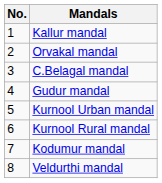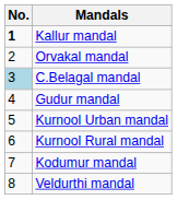 <table class="wikitable">
 <tr>
 <th>No.</th>
 <th>Mandals</th>
 </tr>
 <tr>
-<td>1</td>
+<td><strong>1</strong></td>
 <td><a href='#'>Kallur mandal</a></td>
 </tr>
 <tr>
 <td>2</td>
 <td><a href='#'>Orvakal mandal</a></td>
 </tr>
 <tr>
-<td>3</td>
+<td style="background: lightblue;">3</td>
 <td><a href='#'>C.Belagal mandal</a></td>
 </tr>
 <tr>
 <td>4</td>
 <td><a href='#'>Gudur mandal</a></td>
 </tr>
 <tr>
 <td>5</td>
 <td><a href='#'>Kurnool Urban mandal</a></td>
 </tr>
 <tr>
 <td>6</td>
 <td><a href='#'>Kurnool Rural mandal</a></td>
 </tr>
 <tr>
 <td>7</td>
 <td><a href='#'>Kodumur mandal</a></td>
 </tr>
 <tr>
 <td>8</td>
 <td><a href='#'>Veldurthi mandal</a></td>
 </tr>
 </table>
